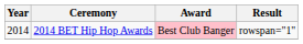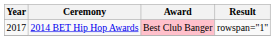 <table class="wikitable">
 <tr>
 <th>Year</th>
 <th>Ceremony</th>
 <th>Award</th>
 <th>Result</th>
 </tr>
 <tr>
-<td>2014</td>
+<td>2017</td>
 <td rowspan="1"><a href='#'>2014 BET Hip Hop Awards</a></td>
 <td style="background: pink;">Best Club Banger</td>
 <td>rowspan="1" </td>
 </tr>
 <tr>
 </tr>
 </table>
